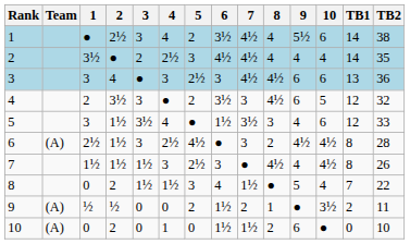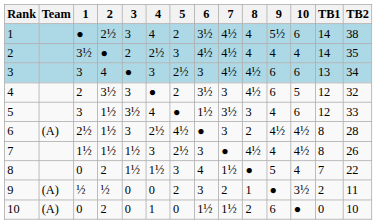 <table class="wikitable">
 <tr>
 <th>Rank</th>
 <th>Team</th>
 <th style="width:1.5em;">1</th>
 <th style="width:1.5em;">2</th>
 <th style="width:1.5em;">3</th>
 <th style="width:1.5em;">4</th>
 <th style="width:1.5em;">5</th>
 <th style="width:1.5em;">6</th>
 <th style="width:1.5em;">7</th>
 <th style="width:1.5em;">8</th>
 <th style="width:1.5em;">9</th>
 <th style="width:1.5em;">10</th>
 <th>TB1</th>
 <th>TB2</th>
 </tr>
 <tr style="background:lightblue">
 <td>1</td>
 <td></td>
 <td>●</td>
 <td>2½</td>
 <td>3</td>
 <td>4</td>
 <td>2</td>
 <td>3½</td>
 <td>4½</td>
 <td>4</td>
 <td>5½</td>
 <td>6</td>
 <td>14</td>
 <td>38</td>
 </tr>
 <tr style="background:lightblue">
 <td>2</td>
 <td></td>
 <td>3½</td>
 <td>●</td>
 <td>2</td>
 <td>2½</td>
 <td>3</td>
 <td>4½</td>
 <td>4½</td>
 <td>4</td>
 <td>4</td>
 <td>4</td>
 <td>14</td>
 <td>35</td>
 </tr>
 <tr style="background:lightblue">
 <td>3</td>
 <td></td>
 <td>3</td>
 <td>4</td>
 <td>●</td>
 <td>3</td>
 <td>2½</td>
 <td>3</td>
 <td>4½</td>
 <td>4½</td>
 <td>6</td>
 <td>6</td>
 <td>13</td>
-<td>36</td>
+<td>34</td>
 </tr>
 <tr>
 <td>4</td>
 <td></td>
 <td>2</td>
 <td>3½</td>
 <td>3</td>
 <td>●</td>
 <td>2</td>
 <td>3½</td>
 <td>3</td>
 <td>4½</td>
 <td>6</td>
 <td>5</td>
 <td>12</td>
 <td>32</td>
 </tr>
 <tr>
 <td>5</td>
 <td></td>
 <td>3</td>
 <td>1½</td>
 <td>3½</td>
 <td>4</td>
 <td>●</td>
 <td>1½</td>
 <td>3½</td>
 <td>3</td>
 <td>4</td>
 <td>6</td>
 <td>12</td>
 <td>33</td>
 </tr>
 <tr>
 <td>6</td>
 <td> (A)</td>
 <td>2½</td>
 <td>1½</td>
 <td>3</td>
 <td>2½</td>
 <td>4½</td>
 <td>●</td>
 <td>3</td>
 <td>2</td>
 <td>4½</td>
 <td>4½</td>
 <td>8</td>
 <td>28</td>
 </tr>
 <tr>
 <td>7</td>
 <td></td>
 <td>1½</td>
 <td>1½</td>
 <td>1½</td>
 <td>3</td>
 <td>2½</td>
 <td>3</td>
 <td>●</td>
 <td>4½</td>
 <td>4</td>
 <td>4½</td>
 <td>8</td>
 <td>26</td>
 </tr>
 <tr>
 <td>8</td>
 <td></td>
 <td>0</td>
 <td>2</td>
 <td>1½</td>
 <td>1½</td>
 <td>3</td>
 <td>4</td>
 <td>1½</td>
 <td>●</td>
 <td>5</td>
 <td>4</td>
 <td>7</td>
 <td>22</td>
 </tr>
 <tr>
 <td>9</td>
 <td> (A)</td>
 <td>½</td>
 <td>½</td>
 <td>0</td>
 <td>0</td>
 <td>2</td>
-<td>1½</td>
+<td>3</td>
 <td>2</td>
 <td>1</td>
 <td>●</td>
 <td>3½</td>
 <td>2</td>
 <td>11</td>
 </tr>
 <tr>
 <td>10</td>
 <td> (A)</td>
 <td>0</td>
 <td>2</td>
 <td>0</td>
 <td>1</td>
 <td>0</td>
 <td>1½</td>
 <td>1½</td>
 <td>2</td>
 <td>6</td>
 <td>●</td>
 <td>0</td>
 <td>10</td>
 </tr>
 </table>
